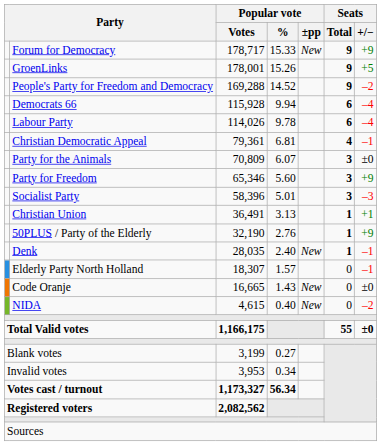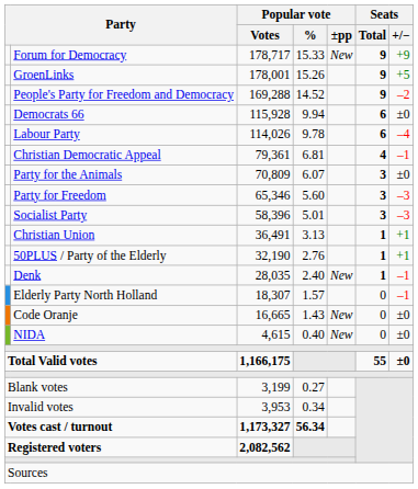 <table class="wikitable" style="text-align:right;">
 <tr>
 <th colspan=2 rowspan=2>Party</th>
 <th colspan=3>Popular vote</th>
 <th colspan=2>Seats</th>
 </tr>
 <tr>
 <th>Votes</th>
 <th>%</th>
 <th>±pp</th>
 <th>Total</th>
 <th>+/−</th>
 </tr>
 <tr>
 <td style="color:inherit;background:"></td>
 <td align="left"><a href='#'>Forum for Democracy</a></td>
 <td>178,717</td>
 <td>15.33</td>
 <td><em>New</em></td>
 <td><strong>9</strong></td>
 <td style="color:green;">+9</td>
 </tr>
 <tr>
 <td style="color:inherit;background:"></td>
 <td align="left"><a href='#'>GroenLinks</a></td>
 <td>178,001</td>
 <td>15.26</td>
 <td></td>
 <td><strong>9</strong></td>
 <td style="color:green;">+5</td>
 </tr>
 <tr>
 <td style="color:inherit;background:"></td>
 <td align="left"><a href='#'>People's Party for Freedom and Democracy</a></td>
 <td>169,288</td>
 <td>14.52</td>
 <td></td>
 <td><strong>9</strong></td>
 <td style="color:red;">–2</td>
 </tr>
 <tr>
 <td style="color:inherit;background:"></td>
 <td align="left"><a href='#'>Democrats 66</a></td>
 <td>115,928</td>
 <td>9.94</td>
 <td></td>
 <td><strong>6</strong></td>
-<td style="color:red;">–4</td>
+<td>±0</td>
 </tr>
 <tr>
 <td style="color:inherit;background:"></td>
 <td align="left"><a href='#'>Labour Party</a></td>
 <td>114,026</td>
 <td>9.78</td>
 <td></td>
 <td><strong>6</strong></td>
 <td style="color:red;">–4</td>
 </tr>
 <tr>
 <td style="color:inherit;background:"></td>
 <td align="left"><a href='#'>Christian Democratic Appeal</a></td>
 <td>79,361</td>
 <td>6.81</td>
 <td></td>
 <td><strong>4</strong></td>
 <td style="color:red;">–1</td>
 </tr>
 <tr>
 <td style="color:inherit;background:"></td>
 <td align="left"><a href='#'>Party for the Animals</a></td>
 <td>70,809</td>
 <td>6.07</td>
 <td></td>
 <td><strong>3</strong></td>
 <td>±0</td>
 </tr>
 <tr>
 <td style="color:inherit;background:"></td>
 <td align="left"><a href='#'>Party for Freedom</a></td>
 <td>65,346</td>
 <td>5.60</td>
 <td></td>
 <td><strong>3</strong></td>
-<td style="color:green;">+9</td>
+<td style="color:red;">–3</td>
 </tr>
 <tr>
 <td style="color:inherit;background:"></td>
 <td align="left"><a href='#'>Socialist Party</a></td>
 <td>58,396</td>
 <td>5.01</td>
 <td></td>
 <td><strong>3</strong></td>
 <td style="color:red;">–3</td>
 </tr>
 <tr>
 <td style="color:inherit;background:"></td>
 <td align="left"><a href='#'>Christian Union</a></td>
 <td>36,491</td>
 <td>3.13</td>
 <td></td>
 <td><strong>1</strong></td>
 <td style="color:green;">+1</td>
 </tr>
 <tr>
 <td style="color:inherit;background:"></td>
 <td align="left"><a href='#'>50PLUS</a> / Party of the Elderly</td>
 <td>32,190</td>
 <td>2.76</td>
 <td></td>
 <td><strong>1</strong></td>
-<td style="color:green;">+9</td>
+<td style="color:green;">+1</td>
 </tr>
 <tr>
 <td style="color:inherit;background:"></td>
 <td align="left"><a href='#'>Denk</a></td>
 <td>28,035</td>
 <td>2.40</td>
 <td><em>New</em></td>
 <td><strong>1</strong></td>
 <td style="color:red;">–1</td>
 </tr>
 <tr>
 <td style="color:inherit;background:#2790e1"></td>
 <td align="left">Elderly Party North Holland</td>
 <td>18,307</td>
 <td>1.57</td>
 <td></td>
 <td>0</td>
 <td style="color:red;">–1</td>
 </tr>
 <tr>
 <td style="color:inherit;background:#ef7601"></td>
 <td align="left">Code Oranje</td>
 <td>16,665</td>
 <td>1.43</td>
 <td><em>New</em></td>
 <td>0</td>
 <td>±0</td>
 </tr>
 <tr>
 <td style="color:inherit;background:#76b729"></td>
 <td align="left"><a href='#'>NIDA</a></td>
 <td>4,615</td>
 <td>0.40</td>
 <td><em>New</em></td>
 <td>0</td>
-<td style="color:red;">–2</td>
+<td>±0</td>
 </tr>
 <tr>
 <td colspan="7" style="color:inherit;background:#E9E9E9"></td>
 </tr>
 <tr style="font-weight:bold;">
 <td align="left" colspan="2">Total Valid votes</td>
 <td>1,166,175</td>
 <td bgcolor="#E9E9E9" colspan="2"></td>
 <td>55</td>
 <td>±0</td>
 </tr>
 <tr>
 <td colspan="7" style="color:inherit;background:#E9E9E9"></td>
 </tr>
 <tr>
 <td align="left" colspan="2">Blank votes</td>
 <td>3,199</td>
 <td>0.27</td>
 <td></td>
 <td bgcolor="#E9E9E9" colspan="2" rowspan="5"></td>
 </tr>
 <tr>
 <td align="left" colspan="2">Invalid votes</td>
 <td>3,953</td>
 <td>0.34</td>
 <td></td>
 </tr>
 <tr style="font-weight:bold;">
 <td align="left" colspan="2">Votes cast / turnout</td>
 <td>1,173,327</td>
 <td>56.34</td>
 <td></td>
 </tr>
 <tr style="font-weight:bold;">
 <td align="left" colspan="2">Registered voters</td>
 <td>2,082,562</td>
 <td bgcolor="#E9E9E9" colspan="2"></td>
 </tr>
 <tr>
 <td colspan="7" style="color:inherit;background:#E9E9E9"></td>
 </tr>
 <tr>
 <td align="left" colspan="7">Sources </td>
 </tr>
 </table>
